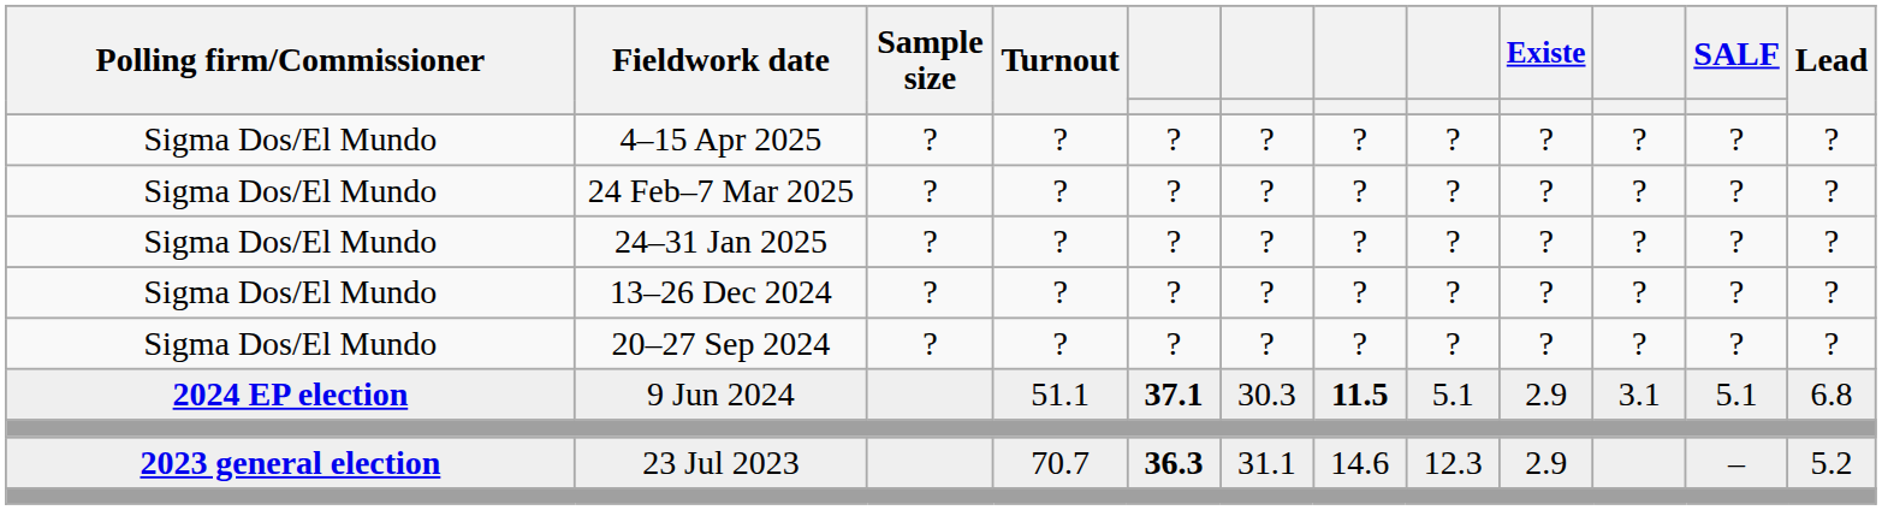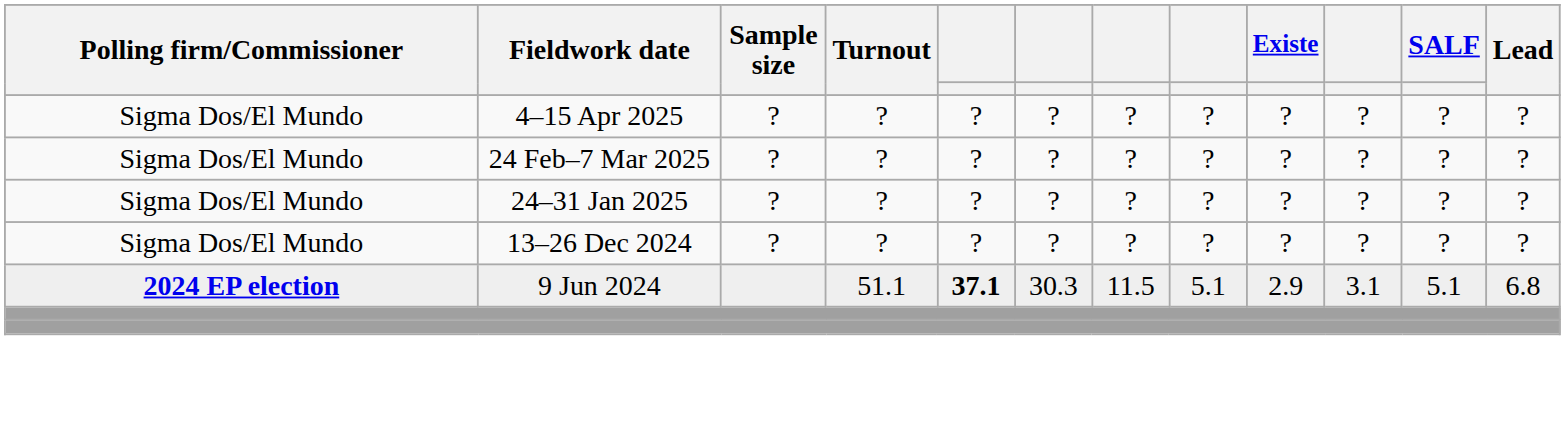 <table class="wikitable collapsible collapsed" style="text-align:center; font-size:95%; line-height:16px;">
 <tr style="height:42px;">
 <th style="width:250px;" rowspan="2">Polling firm/Commissioner</th>
 <th style="width:125px;" rowspan="2">Fieldwork date</th>
 <th style="width:50px;" rowspan="2">Sample size</th>
 <th style="width:45px;" rowspan="2">Turnout</th>
 <th style="width:35px;"></th>
 <th style="width:35px;"></th>
 <th style="width:35px;"></th>
 <th style="width:35px;"></th>
 <th style="width:35px; font-size:90%;"><a href='#'>Existe</a></th>
 <th style="width:35px;"></th>
 <th style="width:35px;"><a href='#'>SALF</a></th>
 <th style="width:30px;" rowspan="2">Lead</th>
 </tr>
 <tr>
 <th style="color:inherit;background:"></th>
 <th style="color:inherit;background:"></th>
 <th style="color:inherit;background:"></th>
 <th style="color:inherit;background:"></th>
 <th style="color:inherit;background:"></th>
 <th style="color:inherit;background:"></th>
 <th style="color:inherit;background:"></th>
 </tr>
 <tr>
 <td>Sigma Dos/El Mundo</td>
 <td>4–15 Apr 2025</td>
 <td>?</td>
 <td>?</td>
 <td>?<br></td>
 <td>?<br></td>
 <td>?<br></td>
 <td>?<br></td>
 <td>?<br></td>
 <td>?<br></td>
 <td>?<br></td>
 <td style="background:">?</td>
 </tr>
 <tr>
 <td>Sigma Dos/El Mundo</td>
 <td>24 Feb–7 Mar 2025</td>
 <td>?</td>
 <td>?</td>
 <td>?<br></td>
 <td>?<br></td>
 <td>?<br></td>
 <td>?<br></td>
 <td>?<br></td>
 <td>?<br></td>
 <td>?<br></td>
 <td style="background:">?</td>
 </tr>
 <tr>
 <td>Sigma Dos/El Mundo</td>
 <td>24–31 Jan 2025</td>
 <td>?</td>
 <td>?</td>
 <td>?<br></td>
 <td>?<br></td>
 <td>?<br></td>
 <td>?<br></td>
 <td>?<br></td>
 <td>?<br></td>
 <td>?<br></td>
 <td style="background:">?</td>
 </tr>
 <tr>
 <td>Sigma Dos/El Mundo</td>
 <td>13–26 Dec 2024</td>
 <td>?</td>
 <td>?</td>
 <td>?<br></td>
 <td>?<br></td>
 <td>?<br></td>
 <td>?<br></td>
 <td>?<br></td>
 <td>?<br></td>
 <td>?<br></td>
 <td style="background:">?</td>
 </tr>
-<tr>
-<td>Sigma Dos/El Mundo</td>
-<td>20–27 Sep 2024</td>
-<td>?</td>
-<td>?</td>
-<td>?<br></td>
-<td>?<br></td>
-<td>?<br></td>
-<td>?<br></td>
-<td>?<br></td>
-<td>?<br></td>
-<td>?<br></td>
-<td style="background:">?</td>
-</tr>
 <tr style="background:#EFEFEF;">
 <td><strong><a href='#'>2024 EP election</a></strong></td>
 <td>9 Jun 2024</td>
 <td></td>
 <td>51.1</td>
 <td><strong>37.1</strong><br></td>
 <td>30.3<br></td>
-<td><strong>11.5<br></strong></td>
+<td>11.5<br></td>
 <td>5.1<br></td>
 <td>2.9<br></td>
 <td>3.1<br></td>
 <td>5.1<br></td>
 <td style="background:">6.8</td>
 </tr>
 <tr>
 <td colspan="12" style="background:#A0A0A0"></td>
 </tr>
-<tr style="background:#EFEFEF;">
-<td><strong><a href='#'>2023 general election</a></strong></td>
-<td>23 Jul 2023</td>
-<td></td>
-<td>70.7</td>
-<td><strong>36.3</strong><br></td>
-<td>31.1<br></td>
-<td>14.6<br></td>
-<td>12.3<br></td>
-<td>2.9<br></td>
-<td></td>
-<td>–</td>
-<td style="background:">5.2</td>
-</tr>
 <tr>
 <td colspan="12" style="background:#A0A0A0"></td>
 </tr>
 </table>
